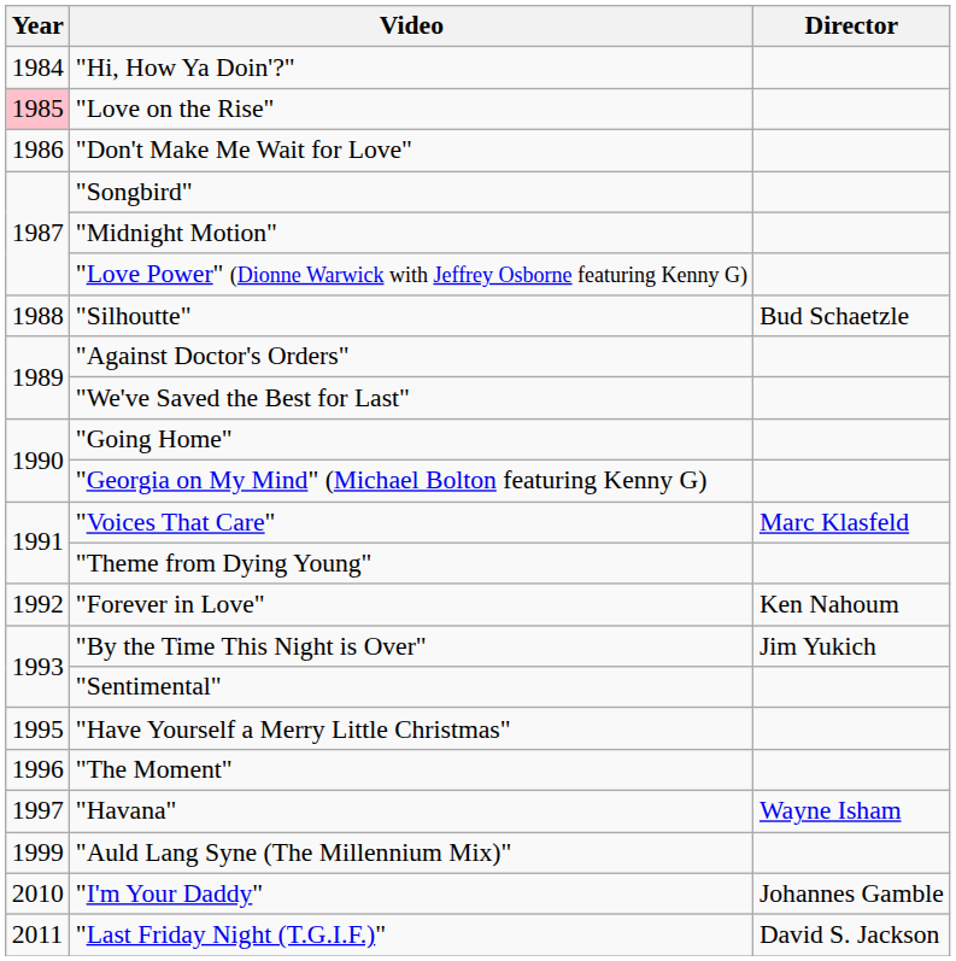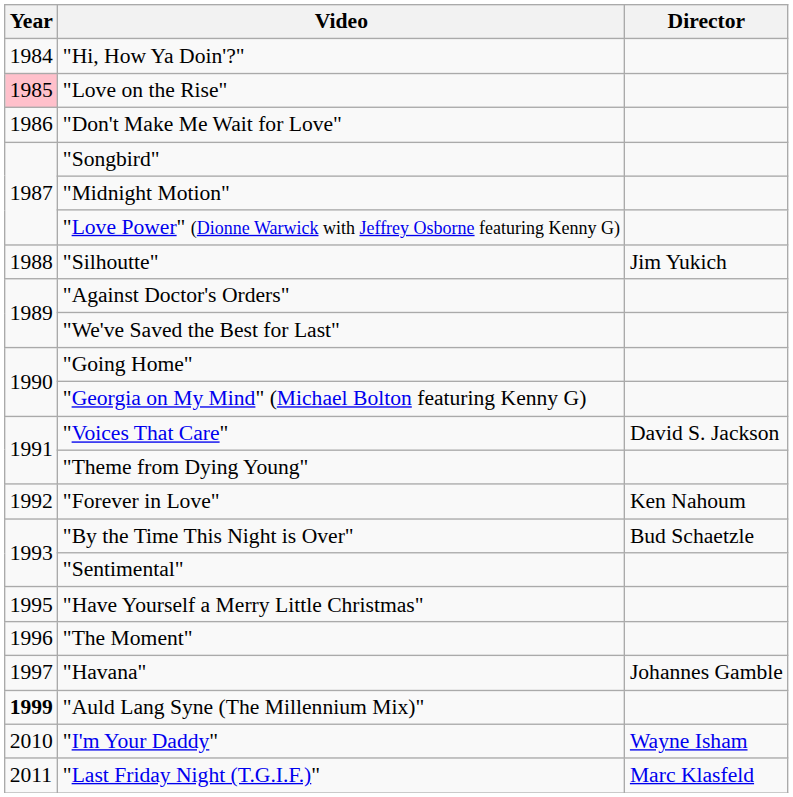 <table class="wikitable">
 <tr>
 <th>Year</th>
 <th>Video</th>
 <th>Director</th>
 </tr>
 <tr>
 <td>1984</td>
 <td>"Hi, How Ya Doin'?" </td>
 <td></td>
 </tr>
 <tr>
 <td style="background: pink;">1985</td>
 <td>"Love on the Rise" </td>
 <td></td>
 </tr>
 <tr>
 <td>1986</td>
 <td>"Don't Make Me Wait for Love"</td>
 <td></td>
 </tr>
 <tr>
 <td rowspan="3">1987</td>
 <td>"Songbird"</td>
 <td></td>
 </tr>
 <tr>
 <td>"Midnight Motion"</td>
 <td></td>
 </tr>
 <tr>
 <td>"<a href='#'>Love Power</a>" <small>(<a href='#'>Dionne Warwick</a> with <a href='#'>Jeffrey Osborne</a> featuring Kenny G)</small></td>
 <td></td>
 </tr>
 <tr>
 <td>1988</td>
 <td>"Silhoutte"</td>
-<td>Bud Schaetzle</td>
+<td>Jim Yukich</td>
 </tr>
 <tr>
 <td rowspan="2">1989</td>
 <td>"Against Doctor's Orders"</td>
 <td></td>
 </tr>
 <tr>
 <td>"We've Saved the Best for Last" </td>
 <td></td>
 </tr>
 <tr>
 <td rowspan="2">1990</td>
 <td>"Going Home"</td>
 <td></td>
 </tr>
 <tr>
 <td>"<a href='#'>Georgia on My Mind</a>" (<a href='#'>Michael Bolton</a> featuring Kenny G)</td>
 <td></td>
 </tr>
 <tr>
 <td rowspan="2">1991</td>
 <td>"<a href='#'>Voices That Care</a>" </td>
-<td><a href='#'>Marc Klasfeld</a></td>
+<td>David S. Jackson</td>
 </tr>
 <tr>
 <td>"Theme from Dying Young"</td>
 <td></td>
 </tr>
 <tr>
 <td>1992</td>
 <td>"Forever in Love"</td>
 <td>Ken Nahoum</td>
 </tr>
 <tr>
 <td rowspan="2">1993</td>
 <td>"By the Time This Night is Over" </td>
-<td>Jim Yukich</td>
+<td>Bud Schaetzle</td>
 </tr>
 <tr>
 <td>"Sentimental"</td>
 <td></td>
 </tr>
 <tr>
 <td>1995</td>
 <td>"Have Yourself a Merry Little Christmas"</td>
 <td></td>
 </tr>
 <tr>
 <td>1996</td>
 <td>"The Moment"</td>
 <td></td>
 </tr>
 <tr>
 <td>1997</td>
 <td>"Havana"  </td>
-<td><a href='#'>Wayne Isham</a></td>
+<td>Johannes Gamble</td>
 </tr>
 <tr>
-<td>1999</td>
+<td><strong>1999</strong></td>
 <td>"Auld Lang Syne (The Millennium Mix)"</td>
 <td></td>
 </tr>
 <tr>
 <td>2010</td>
 <td>"<a href='#'>I'm Your Daddy</a>" </td>
-<td>Johannes Gamble</td>
+<td><a href='#'>Wayne Isham</a></td>
 </tr>
 <tr>
 <td>2011</td>
 <td>"<a href='#'>Last Friday Night (T.G.I.F.)</a>" </td>
-<td>David S. Jackson</td>
+<td><a href='#'>Marc Klasfeld</a></td>
 </tr>
 </table>
